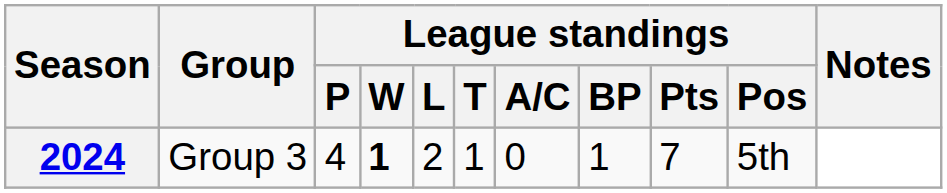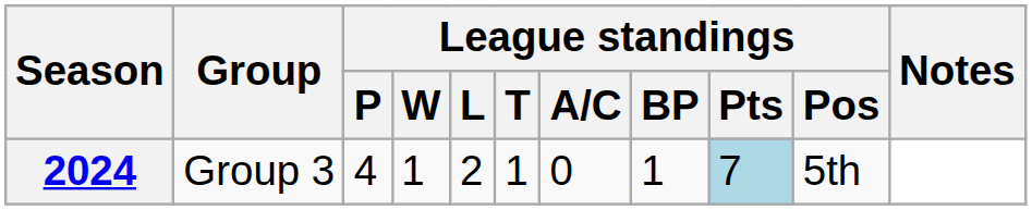 <table class="wikitable sortable">
 <tr>
 <th scope="col" rowspan="2">Season</th>
 <th scope="col" rowspan="2">Group</th>
 <th scope="col" colspan="8">League standings</th>
 <th scope="col" rowspan="2">Notes</th>
 </tr>
 <tr>
 <th scope="col">P</th>
 <th scope="col">W</th>
 <th scope="col">L</th>
 <th scope="col">T</th>
 <th scope="col">A/C</th>
 <th scope="col">BP</th>
 <th scope="col">Pts</th>
 <th scope="col">Pos</th>
 </tr>
 <tr>
 <th scope="row"><a href='#'>2024</a></th>
 <td>Group 3</td>
 <td>4</td>
-<td><strong>1</strong></td>
+<td>1</td>
 <td>2</td>
 <td>1</td>
 <td>0</td>
 <td>1</td>
-<td>7</td>
+<td style="background: lightblue;">7</td>
 <td>5th</td>
 <td style="background: white;"></td>
 </tr>
 </table>
